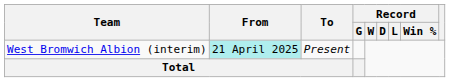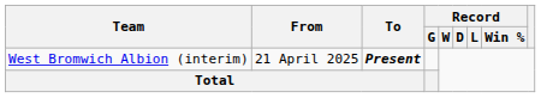 <table class="wikitable" style="text-align: center">
 <tr>
 <th rowspan="2">Team</th>
 <th rowspan="2">From</th>
 <th rowspan="2">To</th>
 <th colspan="5">Record</th>
 <th rowspan=2></th>
 </tr>
 <tr>
 <th>G</th>
 <th>W</th>
 <th>D</th>
 <th>L</th>
 <th>Win %</th>
 </tr>
 <tr>
 <td align=left><a href='#'>West Bromwich Albion</a> (interim)</td>
-<td align=left style="background: paleturquoise;">21 April 2025</td>
-<td align=left><em>Present</em><br></td>
+<td align=left>21 April 2025</td>
+<td align=left><strong><em>Present</em><br></strong></td>
 <td></td>
 </tr>
 <tr>
 <th colspan="3">Total<br></th>
 <th></th>
 </tr>
 </table>
